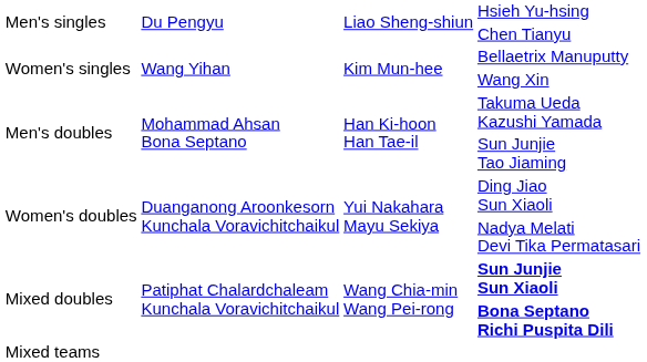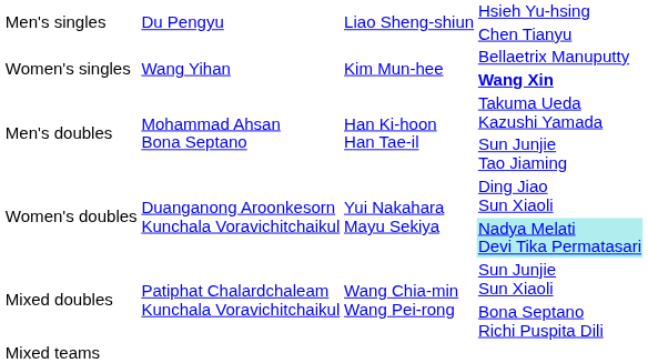 <table>
 <tr>
 <td rowspan="2">Men's singles</td>
 <td rowspan="2"> <a href='#'>Du Pengyu</a></td>
 <td rowspan="2"> <a href='#'>Liao Sheng-shiun</a></td>
 <td> <a href='#'>Hsieh Yu-hsing</a></td>
 </tr>
 <tr>
 <td> <a href='#'>Chen Tianyu</a></td>
 </tr>
 <tr>
 <td rowspan="2">Women's singles</td>
 <td rowspan="2"> <a href='#'>Wang Yihan</a></td>
 <td rowspan="2"> <a href='#'>Kim Mun-hee</a></td>
 <td> <a href='#'>Bellaetrix Manuputty</a></td>
 </tr>
 <tr>
-<td> <a href='#'>Wang Xin</a></td>
+<td><strong> <a href='#'>Wang Xin</a></strong></td>
 </tr>
 <tr>
 <td rowspan="2">Men's doubles</td>
 <td rowspan="2"> <a href='#'>Mohammad Ahsan</a><br> <a href='#'>Bona Septano</a></td>
 <td rowspan="2"> <a href='#'>Han Ki-hoon</a><br> <a href='#'>Han Tae-il</a></td>
 <td> <a href='#'>Takuma Ueda</a><br> <a href='#'>Kazushi Yamada</a></td>
 </tr>
 <tr>
 <td> <a href='#'>Sun Junjie</a><br> <a href='#'>Tao Jiaming</a></td>
 </tr>
 <tr>
 <td rowspan="2">Women's doubles</td>
 <td rowspan="2"> <a href='#'>Duanganong Aroonkesorn</a><br> <a href='#'>Kunchala Voravichitchaikul</a></td>
 <td rowspan="2"> <a href='#'>Yui Nakahara</a><br> <a href='#'>Mayu Sekiya</a></td>
 <td> <a href='#'>Ding Jiao</a><br> <a href='#'>Sun Xiaoli</a></td>
 </tr>
 <tr>
-<td> <a href='#'>Nadya Melati</a><br> <a href='#'>Devi Tika Permatasari</a></td>
+<td style="background: paleturquoise;"> <a href='#'>Nadya Melati</a><br> <a href='#'>Devi Tika Permatasari</a></td>
 </tr>
 <tr>
 <td rowspan="2">Mixed doubles</td>
 <td rowspan="2"> <a href='#'>Patiphat Chalardchaleam</a><br> <a href='#'>Kunchala Voravichitchaikul</a></td>
 <td rowspan="2"> <a href='#'>Wang Chia-min</a><br> <a href='#'>Wang Pei-rong</a></td>
-<td><strong> <a href='#'>Sun Junjie</a><br> <a href='#'>Sun Xiaoli</a></strong></td>
+<td> <a href='#'>Sun Junjie</a><br> <a href='#'>Sun Xiaoli</a></td>
 </tr>
 <tr>
-<td><strong> <a href='#'>Bona Septano</a><br> <a href='#'>Richi Puspita Dili</a></strong></td>
+<td> <a href='#'>Bona Septano</a><br> <a href='#'>Richi Puspita Dili</a></td>
 </tr>
 <tr>
 <td rowspan="2">Mixed teams</td>
 <td align="center" rowspan="2"></td>
 <td align="center" rowspan="2"></td>
 <td align="center"></td>
 </tr>
 <tr>
 <td align="center"></td>
 </tr>
 </table>
